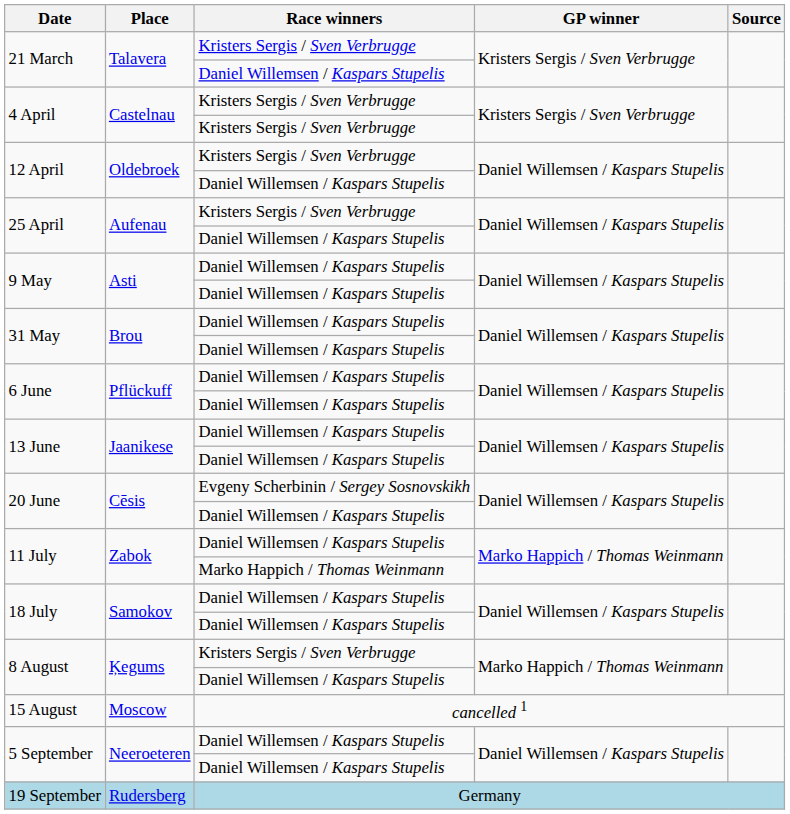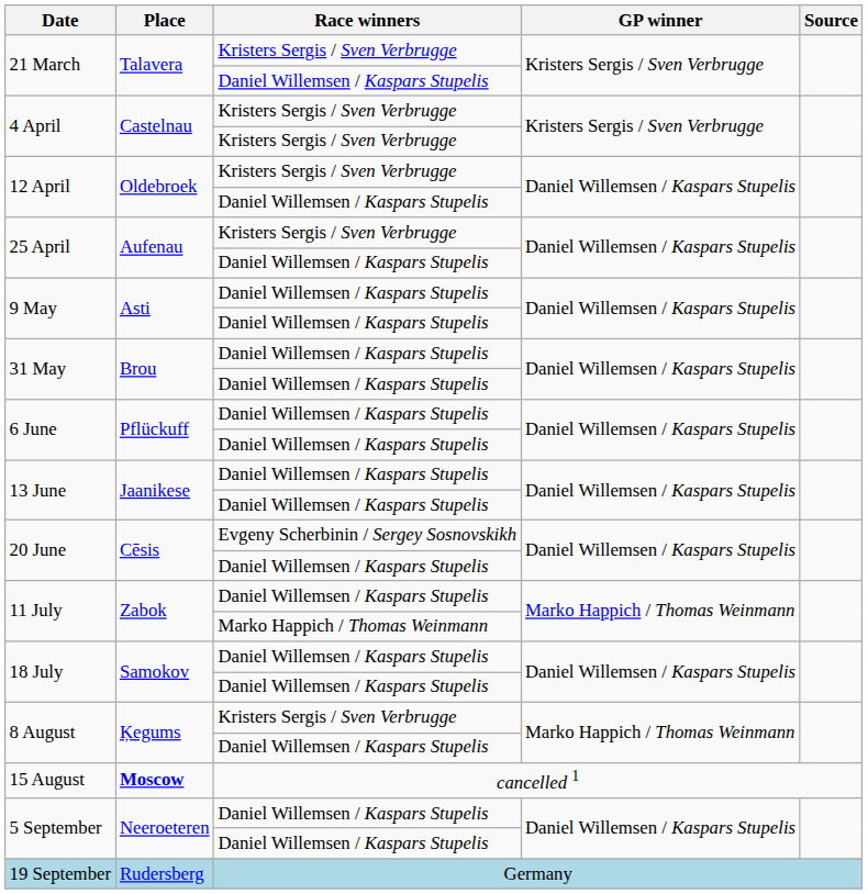 <table class="wikitable" style="font-size: 85%;">
 <tr>
 <th>Date</th>
 <th>Place</th>
 <th>Race winners</th>
 <th>GP winner</th>
 <th>Source</th>
 </tr>
 <tr>
 <td rowspan=2>21 March</td>
 <td rowspan=2> <a href='#'>Talavera</a></td>
 <td> <a href='#'>Kristers Sergis</a> / <em><a href='#'>Sven Verbrugge</a></em></td>
 <td rowspan=2> Kristers Sergis / <em>Sven Verbrugge</em></td>
 <td rowspan=2></td>
 </tr>
 <tr>
 <td> <a href='#'>Daniel Willemsen</a> / <em><a href='#'>Kaspars Stupelis</a></em></td>
 </tr>
 <tr>
 <td rowspan=2>4 April</td>
 <td rowspan=2> <a href='#'>Castelnau</a></td>
 <td> Kristers Sergis / <em>Sven Verbrugge</em></td>
 <td rowspan=2> Kristers Sergis / <em>Sven Verbrugge</em></td>
 <td rowspan=2></td>
 </tr>
 <tr>
 <td> Kristers Sergis / <em>Sven Verbrugge</em></td>
 </tr>
 <tr>
 <td rowspan=2>12 April</td>
 <td rowspan=2> <a href='#'>Oldebroek</a></td>
 <td> Kristers Sergis / <em>Sven Verbrugge</em></td>
 <td rowspan=2> Daniel Willemsen / <em>Kaspars Stupelis</em></td>
 <td rowspan=2></td>
 </tr>
 <tr>
 <td> Daniel Willemsen / <em>Kaspars Stupelis</em></td>
 </tr>
 <tr>
 <td rowspan=2>25 April</td>
 <td rowspan=2> <a href='#'>Aufenau</a></td>
 <td> Kristers Sergis / <em>Sven Verbrugge</em></td>
 <td rowspan=2> Daniel Willemsen / <em>Kaspars Stupelis</em></td>
 <td rowspan=2></td>
 </tr>
 <tr>
 <td> Daniel Willemsen / <em>Kaspars Stupelis</em></td>
 </tr>
 <tr>
 <td rowspan=2>9 May</td>
 <td rowspan=2> <a href='#'>Asti</a></td>
 <td> Daniel Willemsen / <em>Kaspars Stupelis</em></td>
 <td rowspan=2> Daniel Willemsen / <em>Kaspars Stupelis</em></td>
 <td rowspan=2></td>
 </tr>
 <tr>
 <td> Daniel Willemsen / <em>Kaspars Stupelis</em></td>
 </tr>
 <tr>
 <td rowspan=2>31 May</td>
 <td rowspan=2> <a href='#'>Brou</a></td>
 <td> Daniel Willemsen / <em>Kaspars Stupelis</em></td>
 <td rowspan=2> Daniel Willemsen / <em>Kaspars Stupelis</em></td>
 <td rowspan=2></td>
 </tr>
 <tr>
 <td> Daniel Willemsen / <em>Kaspars Stupelis</em></td>
 </tr>
 <tr>
 <td rowspan=2>6 June</td>
 <td rowspan=2> <a href='#'>Pflückuff</a></td>
 <td> Daniel Willemsen / <em>Kaspars Stupelis</em></td>
 <td rowspan=2> Daniel Willemsen / <em>Kaspars Stupelis</em></td>
 <td rowspan=2></td>
 </tr>
 <tr>
 <td> Daniel Willemsen / <em>Kaspars Stupelis</em></td>
 </tr>
 <tr>
 <td rowspan=2>13 June</td>
 <td rowspan=2> <a href='#'>Jaanikese</a></td>
 <td> Daniel Willemsen / <em>Kaspars Stupelis</em></td>
 <td rowspan=2> Daniel Willemsen / <em>Kaspars Stupelis</em></td>
 <td rowspan=2></td>
 </tr>
 <tr>
 <td> Daniel Willemsen / <em>Kaspars Stupelis</em></td>
 </tr>
 <tr>
 <td rowspan=2>20 June</td>
 <td rowspan=2> <a href='#'>Cēsis</a></td>
 <td> Evgeny Scherbinin / <em>Sergey Sosnovskikh</em></td>
 <td rowspan=2> Daniel Willemsen / <em>Kaspars Stupelis</em></td>
 <td rowspan=2></td>
 </tr>
 <tr>
 <td> Daniel Willemsen / <em>Kaspars Stupelis</em></td>
 </tr>
 <tr>
 <td rowspan=2>11 July</td>
 <td rowspan=2> <a href='#'>Zabok</a></td>
 <td> Daniel Willemsen / <em>Kaspars Stupelis</em></td>
 <td rowspan=2> <a href='#'>Marko Happich</a> / <em>Thomas Weinmann</em></td>
 <td rowspan=2></td>
 </tr>
 <tr>
 <td> Marko Happich / <em>Thomas Weinmann</em></td>
 </tr>
 <tr>
 <td rowspan=2>18 July</td>
 <td rowspan=2> <a href='#'>Samokov</a></td>
 <td> Daniel Willemsen / <em>Kaspars Stupelis</em></td>
 <td rowspan=2> Daniel Willemsen / <em>Kaspars Stupelis</em></td>
 <td rowspan=2></td>
 </tr>
 <tr>
 <td> Daniel Willemsen / <em>Kaspars Stupelis</em></td>
 </tr>
 <tr>
 <td rowspan=2>8 August</td>
 <td rowspan=2> <a href='#'>Ķegums</a></td>
 <td> Kristers Sergis / <em>Sven Verbrugge</em></td>
 <td rowspan=2> Marko Happich / <em>Thomas Weinmann</em></td>
 <td rowspan=2></td>
 </tr>
 <tr>
 <td> Daniel Willemsen / <em>Kaspars Stupelis</em></td>
 </tr>
 <tr>
 <td>15 August</td>
-<td> <a href='#'>Moscow</a></td>
+<td><strong> <a href='#'>Moscow</a></strong></td>
 <td colspan=3 align="center"><em>cancelled</em> <sup>1</sup></td>
 </tr>
 <tr>
 <td rowspan=2>5 September</td>
 <td rowspan=2> <a href='#'>Neeroeteren</a></td>
 <td> Daniel Willemsen / <em>Kaspars Stupelis</em></td>
 <td rowspan=2> Daniel Willemsen / <em>Kaspars Stupelis</em></td>
 <td rowspan=2></td>
 </tr>
 <tr>
 <td> Daniel Willemsen / <em>Kaspars Stupelis</em></td>
 </tr>
 <tr style="background:lightblue;">
 <td rowspan=2>19 September</td>
 <td rowspan=2> <a href='#'>Rudersberg</a></td>
 <td colspan=3 align="center"> Germany</td>
 </tr>
 </table>
